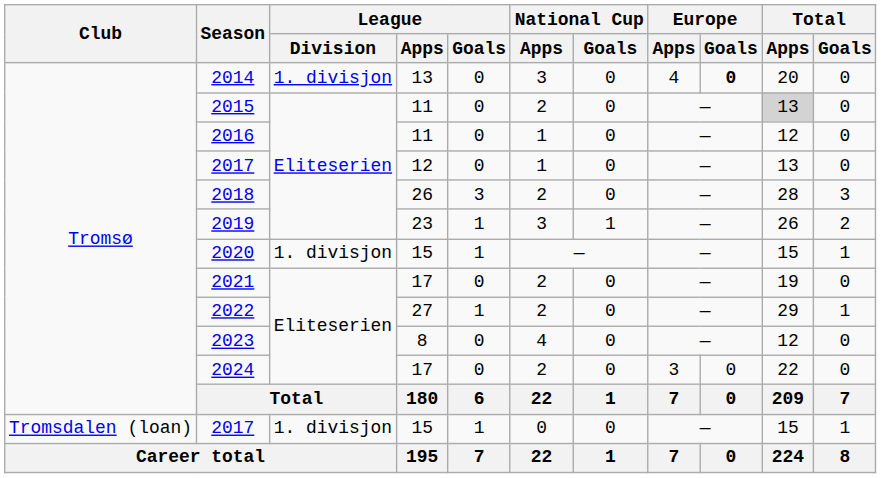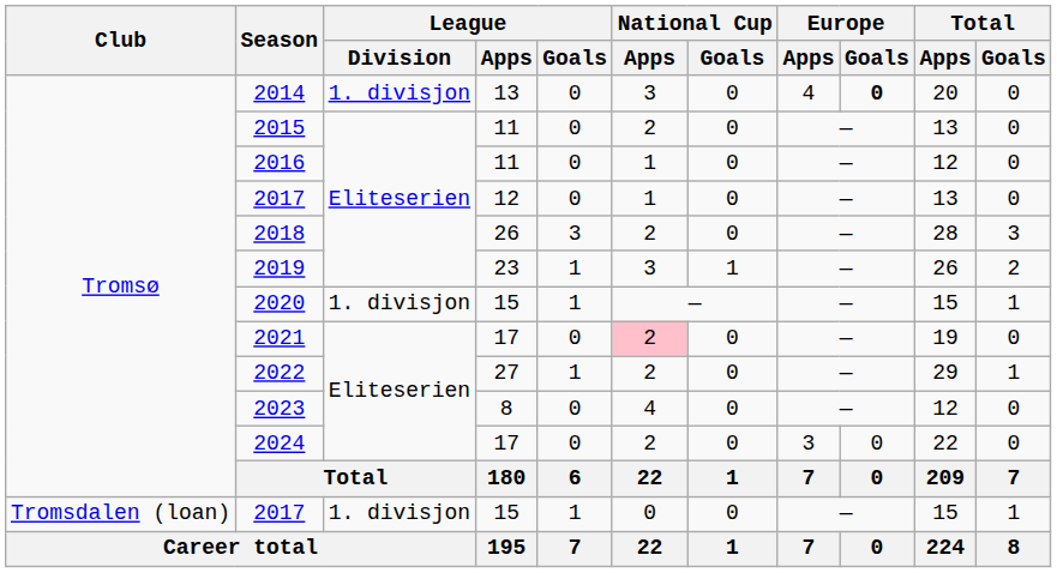 <table class="wikitable" style="text-align: center;">
 <tr>
 <th rowspan="2">Club</th>
 <th rowspan="2">Season</th>
 <th colspan="3">League</th>
 <th colspan="2">National Cup</th>
 <th colspan="2">Europe</th>
 <th colspan="2">Total</th>
 </tr>
 <tr>
 <th>Division</th>
 <th>Apps</th>
 <th>Goals</th>
 <th>Apps</th>
 <th>Goals</th>
 <th>Apps</th>
 <th>Goals</th>
 <th>Apps</th>
 <th>Goals</th>
 </tr>
 <tr>
 <td rowspan=12><a href='#'>Tromsø</a></td>
 <td><a href='#'>2014</a></td>
 <td><a href='#'>1. divisjon</a></td>
 <td>13</td>
 <td>0</td>
 <td>3</td>
 <td>0</td>
 <td>4</td>
 <td><strong>0</strong></td>
 <td>20</td>
 <td>0</td>
 </tr>
 <tr>
 <td><a href='#'>2015</a></td>
 <td rowspan=5><a href='#'>Eliteserien</a></td>
 <td>11</td>
 <td>0</td>
 <td>2</td>
 <td>0</td>
 <td colspan=2>—</td>
-<td style="background: lightgrey;">13</td>
+<td>13</td>
 <td>0</td>
 </tr>
 <tr>
 <td><a href='#'>2016</a></td>
 <td>11</td>
 <td>0</td>
 <td>1</td>
 <td>0</td>
 <td colspan=2>—</td>
 <td>12</td>
 <td>0</td>
 </tr>
 <tr>
 <td><a href='#'>2017</a></td>
 <td>12</td>
 <td>0</td>
 <td>1</td>
 <td>0</td>
 <td colspan=2>—</td>
 <td>13</td>
 <td>0</td>
 </tr>
 <tr>
 <td><a href='#'>2018</a></td>
 <td>26</td>
 <td>3</td>
 <td>2</td>
 <td>0</td>
 <td colspan=2>—</td>
 <td>28</td>
 <td>3</td>
 </tr>
 <tr>
 <td><a href='#'>2019</a></td>
 <td>23</td>
 <td>1</td>
 <td>3</td>
 <td>1</td>
 <td colspan=2>—</td>
 <td>26</td>
 <td>2</td>
 </tr>
 <tr>
 <td><a href='#'>2020</a></td>
 <td>1. divisjon</td>
 <td>15</td>
 <td>1</td>
 <td colspan=2>—</td>
 <td colspan=2>—</td>
 <td>15</td>
 <td>1</td>
 </tr>
 <tr>
 <td><a href='#'>2021</a></td>
 <td rowspan=4>Eliteserien</td>
 <td>17</td>
 <td>0</td>
-<td>2</td>
+<td style="background: pink;">2</td>
 <td>0</td>
 <td colspan=2>—</td>
 <td>19</td>
 <td>0</td>
 </tr>
 <tr>
 <td><a href='#'>2022</a></td>
 <td>27</td>
 <td>1</td>
 <td>2</td>
 <td>0</td>
 <td colspan=2>—</td>
 <td>29</td>
 <td>1</td>
 </tr>
 <tr>
 <td><a href='#'>2023</a></td>
 <td>8</td>
 <td>0</td>
 <td>4</td>
 <td>0</td>
 <td colspan=2>—</td>
 <td>12</td>
 <td>0</td>
 </tr>
 <tr>
 <td><a href='#'>2024</a></td>
 <td>17</td>
 <td>0</td>
 <td>2</td>
 <td>0</td>
 <td>3</td>
 <td>0</td>
 <td>22</td>
 <td>0</td>
 </tr>
 <tr>
 <th colspan=2>Total</th>
 <th>180</th>
 <th>6</th>
 <th>22</th>
 <th>1</th>
 <th>7</th>
 <th>0</th>
 <th>209</th>
 <th>7</th>
 </tr>
 <tr>
 <td><a href='#'>Tromsdalen</a> (loan)</td>
 <td><a href='#'>2017</a></td>
 <td>1. divisjon</td>
 <td>15</td>
 <td>1</td>
 <td>0</td>
 <td>0</td>
 <td colspan=2>—</td>
 <td>15</td>
 <td>1</td>
 </tr>
 <tr>
 <th colspan=3>Career total</th>
 <th>195</th>
 <th>7</th>
 <th>22</th>
 <th>1</th>
 <th>7</th>
 <th>0</th>
 <th>224</th>
 <th>8</th>
 </tr>
 </table>
